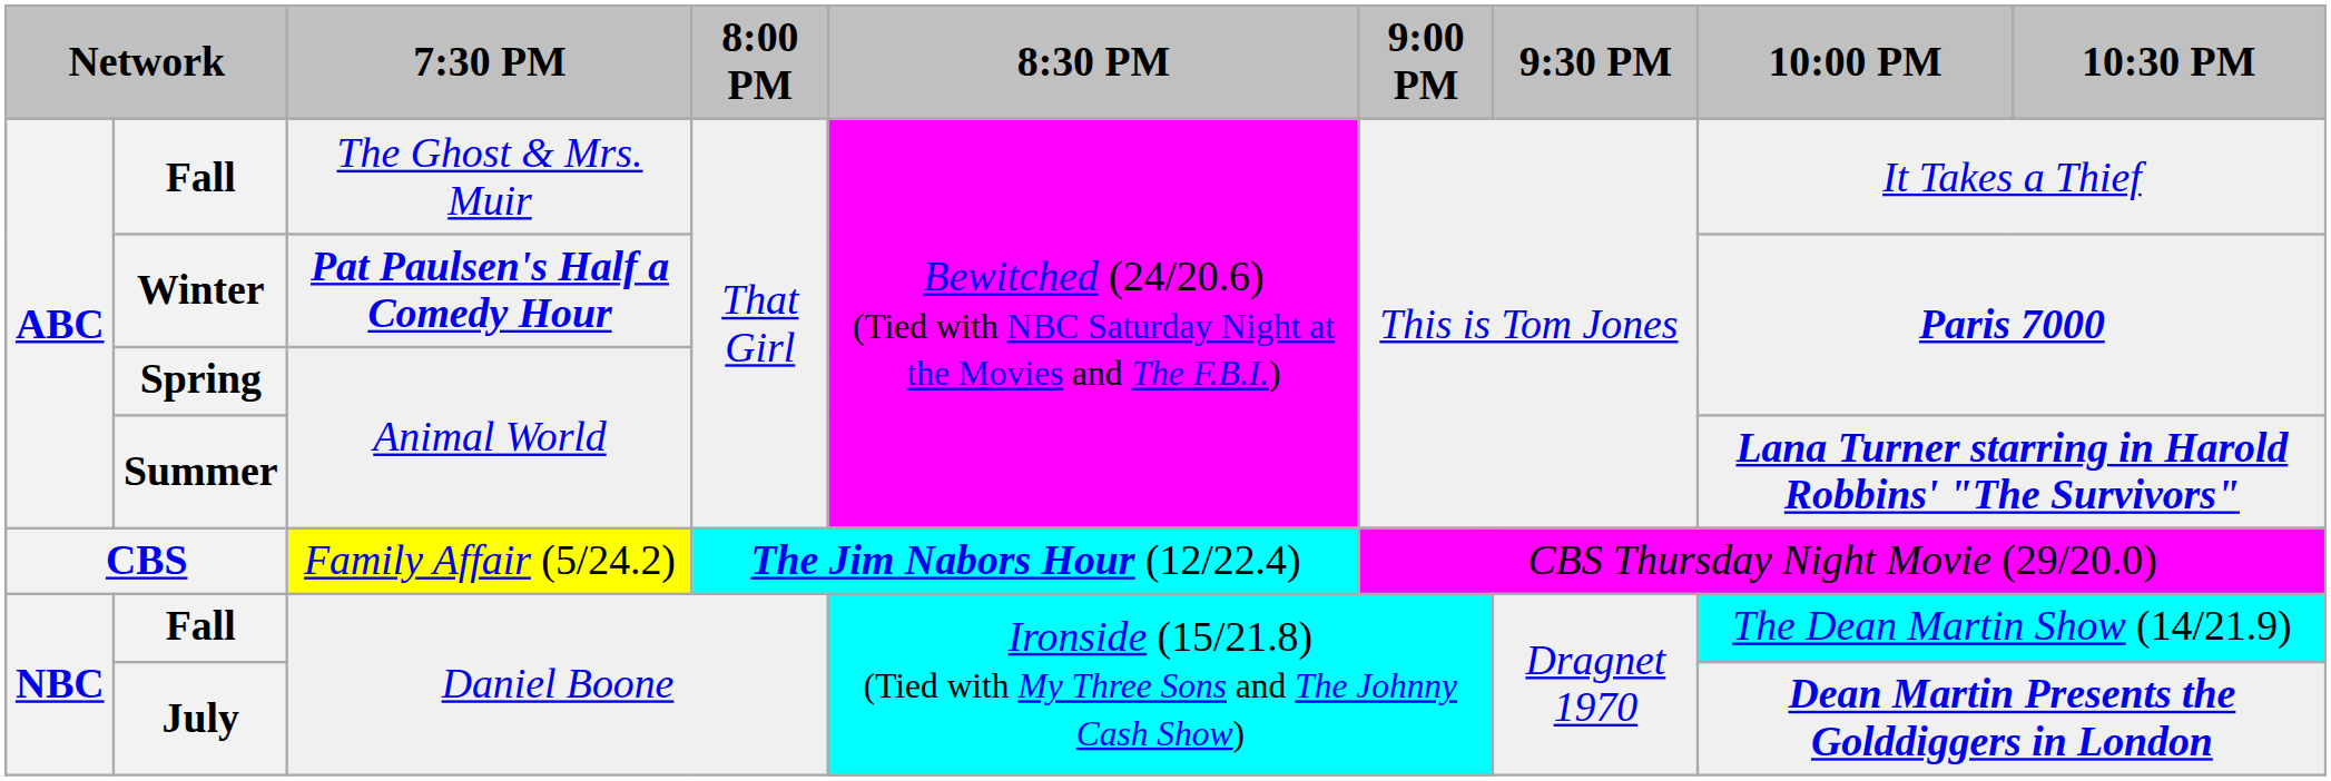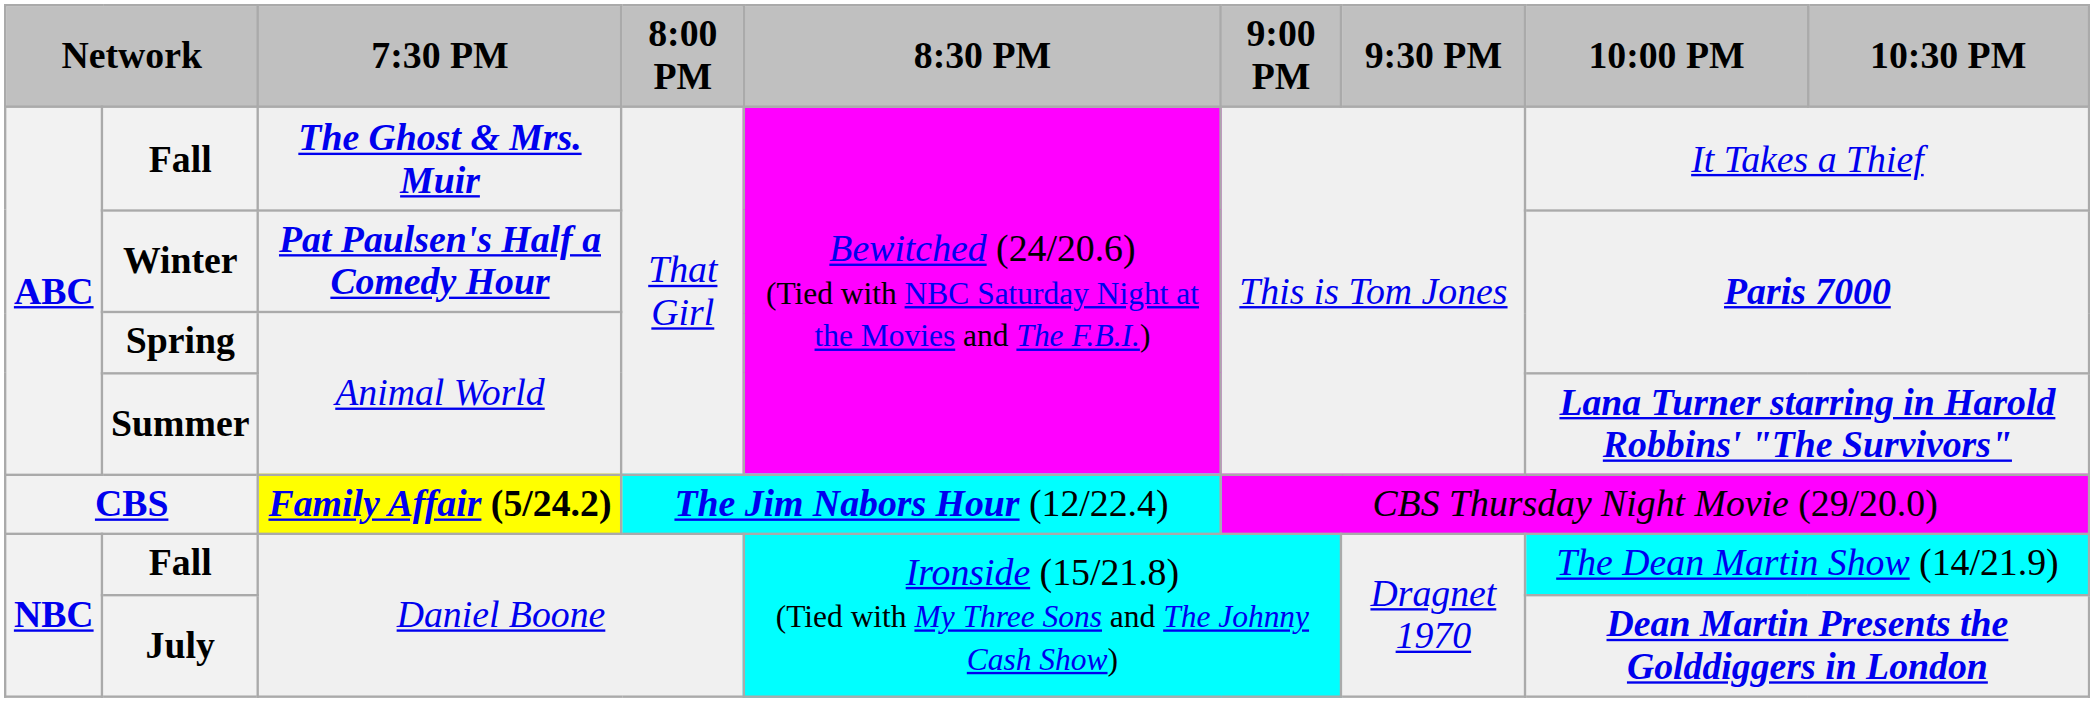 <table class="wikitable" style="width:100%;margin-right:0;text-align:center">
 <tr>
 <th colspan="2" style="background-color:#C0C0C0;text-align:center">Network</th>
 <th style="background-color:#C0C0C0;text-align:center">7:30 PM</th>
 <th style="background-color:#C0C0C0;text-align:center">8:00 PM</th>
 <th style="background-color:#C0C0C0;text-align:center">8:30 PM</th>
 <th style="background-color:#C0C0C0;text-align:center">9:00 PM</th>
 <th style="background-color:#C0C0C0;text-align:center">9:30 PM</th>
 <th style="background-color:#C0C0C0;text-align:center">10:00 PM</th>
 <th style="background-color:#C0C0C0;text-align:center">10:30 PM</th>
 </tr>
 <tr>
 <th rowspan="4"><a href='#'>ABC</a></th>
 <th>Fall</th>
-<td bgcolor="#F0F0F0"><em><a href='#'>The Ghost & Mrs. Muir</a></em></td>
+<td bgcolor="#F0F0F0"><strong><em><a href='#'>The Ghost & Mrs. Muir</a></em></strong></td>
 <td bgcolor="#F0F0F0" rowspan="4"><em><a href='#'>That Girl</a></em></td>
 <td bgcolor="#FF00FF" rowspan="4"><em><a href='#'>Bewitched</a></em> (24/20.6)<br><small>(Tied with <a href='#'>NBC Saturday Night at the Movies</a> and <em><a href='#'>The F.B.I.</a></em>)</small></td>
 <td bgcolor="#F0F0F0" colspan="2" rowspan="4"><em><a href='#'>This is Tom Jones</a></em></td>
 <td bgcolor="#F0F0F0" colspan="2"><em><a href='#'>It Takes a Thief</a></em></td>
 </tr>
 <tr>
 <th>Winter</th>
 <td bgcolor="#F0F0F0"><strong><em><a href='#'>Pat Paulsen's Half a Comedy Hour</a></em></strong></td>
 <td bgcolor="#F0F0F0" colspan="2" rowspan="2"><strong><em><a href='#'>Paris 7000</a></em></strong></td>
 </tr>
 <tr>
 <th>Spring</th>
 <td bgcolor="#F0F0F0" rowspan="2"><em><a href='#'>Animal World</a></em></td>
 </tr>
 <tr>
 <th>Summer</th>
 <td bgcolor="#F0F0F0" colspan="2"><strong><em><a href='#'>Lana Turner starring in Harold Robbins' "The Survivors"</a></em></strong></td>
 </tr>
 <tr>
 <th colspan="2"><a href='#'>CBS</a></th>
-<td bgcolor="#FFFF00"><em><a href='#'>Family Affair</a></em> (5/24.2)</td>
+<td bgcolor="#FFFF00"><strong><em><a href='#'>Family Affair</a></em> (5/24.2)</strong></td>
 <td bgcolor="#00FFFF" colspan="2"><strong><em><a href='#'>The Jim Nabors Hour</a></em></strong> (12/22.4)</td>
 <td bgcolor="#FF00FF" colspan="4"><em>CBS Thursday Night Movie</em> (29/20.0)</td>
 </tr>
 <tr>
 <th rowspan="2"><a href='#'>NBC</a></th>
 <th>Fall</th>
 <td bgcolor="#F0F0F0" colspan="2" rowspan="2"><em><a href='#'>Daniel Boone</a></em></td>
 <td bgcolor="#00FFFF" colspan="2" rowspan="2"><em><a href='#'>Ironside</a></em> (15/21.8)<br><small>(Tied with <em><a href='#'>My Three Sons</a></em> and <em><a href='#'>The Johnny Cash Show</a></em>)</small></td>
 <td bgcolor="#F0F0F0" rowspan="2"><em><a href='#'>Dragnet 1970</a></em></td>
 <td bgcolor="#00FFFF" colspan="2"><em><a href='#'>The Dean Martin Show</a></em> (14/21.9)</td>
 </tr>
 <tr>
 <th>July</th>
 <td bgcolor="#F0F0F0" colspan="2"><strong><em><a href='#'>Dean Martin Presents the Golddiggers in London</a></em></strong></td>
 </tr>
 </table>
